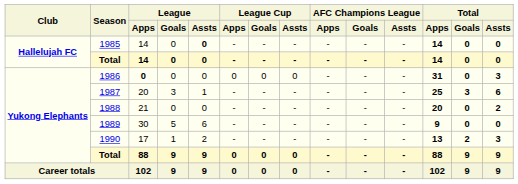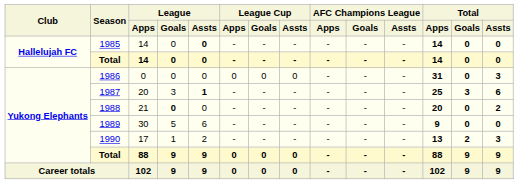 <table border=1 align=center cellpadding=4 cellspacing=2 style="background: ivory; font-size: 95%; border: 1px #aaaaaa solid; border-collapse: collapse; clear:center">
 <tr style="background:beige">
 <th rowspan="2">Club</th>
 <th rowspan="2">Season</th>
 <th colspan="3">League</th>
 <th colspan="3">League Cup</th>
 <th colspan="3">AFC Champions League</th>
 <th colspan="3">Total</th>
 </tr>
 <tr style="background:beige">
 <th>Apps</th>
 <th>Goals</th>
 <th>Assts</th>
 <th>Apps</th>
 <th>Goals</th>
 <th>Assts</th>
 <th>Apps</th>
 <th>Goals</th>
 <th>Assts</th>
 <th>Apps</th>
 <th>Goals</th>
 <th>Assts</th>
 </tr>
 <tr>
 <td rowspan="2" align=center valign=center><strong><a href='#'>Hallelujah FC</a></strong></td>
 <td align="center"><a href='#'>1985</a></td>
 <td align="center">14</td>
 <td align="center">0</td>
 <td align="center"><strong>0</strong></td>
 <td align="center">-</td>
 <td align="center">-</td>
 <td align="center">-</td>
 <td align="center">-</td>
 <td align="center">-</td>
 <td align="center">-</td>
 <th>14</th>
 <th>0</th>
 <th>0</th>
 </tr>
 <tr style="background:lemonchiffon">
 <th>Total</th>
 <th>14</th>
 <th>0</th>
 <th>0</th>
 <th>-</th>
 <th>-</th>
 <th>-</th>
 <th>-</th>
 <th>-</th>
 <th>-</th>
 <th>14</th>
 <th>0</th>
 <th>0</th>
 </tr>
 <tr>
 <td rowspan="6" align=center valign=center><strong><a href='#'>Yukong Elephants</a></strong></td>
 <td align="center"><a href='#'>1986</a></td>
-<td align="center"><strong>0</strong></td>
+<td align="center">0</td>
 <td align="center">0</td>
 <td align="center">0</td>
 <td align="center">0</td>
 <td align="center">0</td>
 <td align="center">0</td>
 <td align="center">-</td>
 <td align="center">-</td>
 <td align="center">-</td>
 <th>31</th>
 <th>0</th>
 <th>3</th>
 </tr>
 <tr>
 <td align="center"><a href='#'>1987</a></td>
 <td align="center">20</td>
 <td align="center">3</td>
-<td align="center">1</td>
+<td align="center"><strong>1</strong></td>
 <td align="center">-</td>
 <td align="center">-</td>
 <td align="center">-</td>
 <td align="center">-</td>
 <td align="center">-</td>
 <td align="center">-</td>
 <th>25</th>
 <th>3</th>
 <th>6</th>
 </tr>
 <tr>
 <td align="center"><a href='#'>1988</a></td>
 <td align="center">21</td>
-<td align="center">0</td>
+<td align="center"><strong>0</strong></td>
 <td align="center">0</td>
 <td align="center">-</td>
 <td align="center">-</td>
 <td align="center">-</td>
 <td align="center">-</td>
 <td align="center">-</td>
 <td align="center">-</td>
 <th>20</th>
 <th>0</th>
 <th>2</th>
 </tr>
 <tr>
 <td align="center"><a href='#'>1989</a></td>
 <td align="center">30</td>
 <td align="center">5</td>
 <td align="center">6</td>
 <td align="center">-</td>
 <td align="center">-</td>
 <td align="center">-</td>
 <td align="center">-</td>
 <td align="center">-</td>
 <td align="center">-</td>
 <th>9</th>
 <th>0</th>
 <th>0</th>
 </tr>
 <tr>
 <td align="center"><a href='#'>1990</a></td>
 <td align="center">17</td>
 <td align="center">1</td>
 <td align="center">2</td>
 <td align="center">-</td>
 <td align="center">-</td>
 <td align="center">-</td>
 <td align="center">-</td>
 <td align="center">-</td>
 <td align="center">-</td>
 <th>13</th>
 <th>2</th>
 <th>3</th>
 </tr>
 <tr style="background:lemonchiffon">
 <th>Total</th>
 <th>88</th>
 <th>9</th>
 <th>9</th>
 <th>0</th>
 <th>0</th>
 <th>0</th>
 <th>-</th>
 <th>-</th>
 <th>-</th>
 <th>88</th>
 <th>9</th>
 <th>9</th>
 </tr>
 <tr style="background:beige">
 <th colspan="2">Career totals</th>
 <th>102</th>
 <th>9</th>
 <th>9</th>
 <th>0</th>
 <th>0</th>
 <th>0</th>
 <th>-</th>
 <th>-</th>
 <th>-</th>
 <th>102</th>
 <th>9</th>
 <th>9</th>
 </tr>
 </table>
